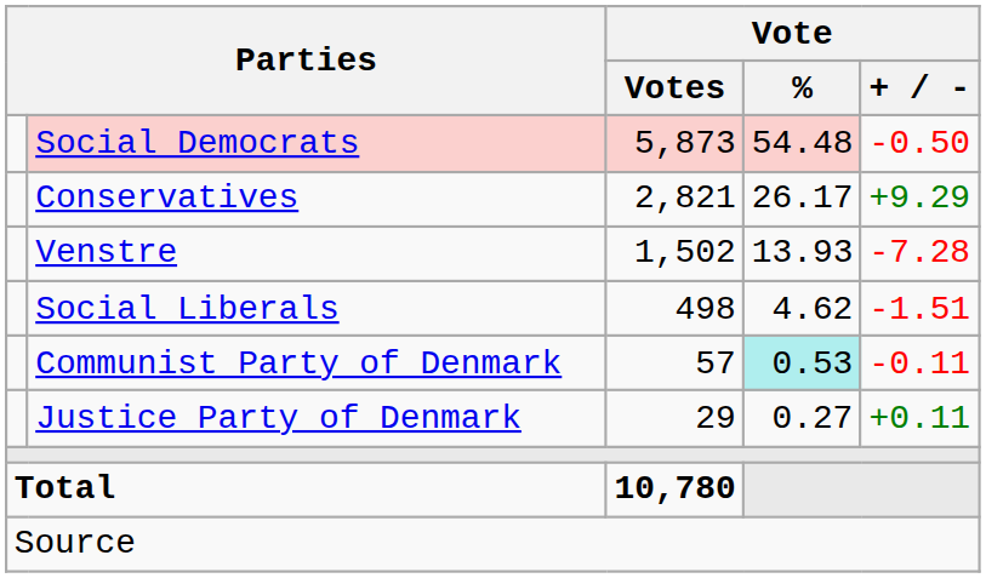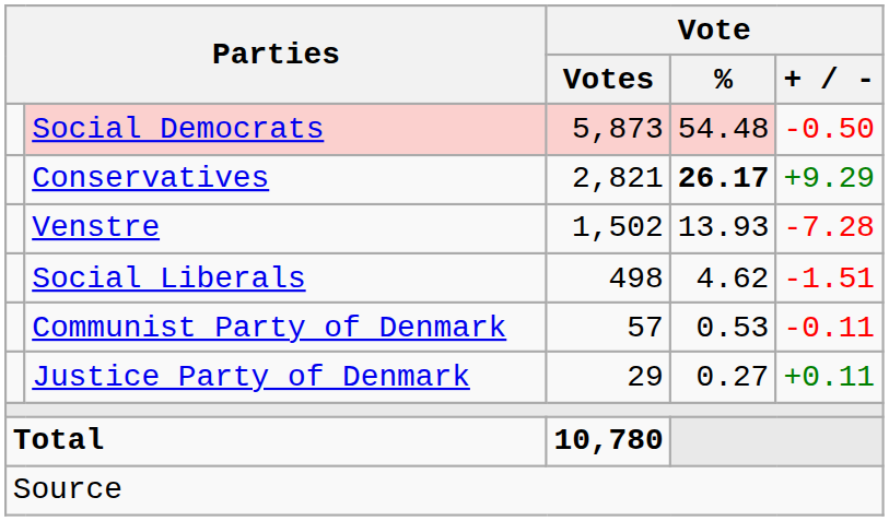 <table class="wikitable" style="text-align:right;">
 <tr>
 <th style="text-align:centre;" rowspan="2" colspan="2" width="225">Parties</th>
 <th colspan="3">Vote</th>
 </tr>
 <tr>
 <th width="15">Votes</th>
 <th width="15">%</th>
 <th width="15">+ / -</th>
 </tr>
 <tr>
 <td width="2" style="color:inherit;background:"></td>
 <td bgcolor=#fbd0ce  align="left"><a href='#'>Social Democrats</a></td>
 <td bgcolor=#fbd0ce>5,873</td>
 <td bgcolor=#fbd0ce>54.48</td>
 <td style=color:red;>-0.50</td>
 </tr>
 <tr>
 <td width="2" style="color:inherit;background:"></td>
 <td align="left"><a href='#'>Conservatives</a></td>
 <td>2,821</td>
-<td>26.17</td>
+<td><strong>26.17</strong></td>
 <td style=color:green;>+9.29</td>
 </tr>
 <tr>
 <td width="2" style="color:inherit;background:"></td>
 <td align="left"><a href='#'>Venstre</a></td>
 <td>1,502</td>
 <td>13.93</td>
 <td style=color:red;>-7.28</td>
 </tr>
 <tr>
 <td width="2" style="color:inherit;background:"></td>
 <td align="left"><a href='#'>Social Liberals</a></td>
 <td>498</td>
 <td>4.62</td>
 <td style=color:red;>-1.51</td>
 </tr>
 <tr>
 <td width="2" style="color:inherit;background:"></td>
 <td align="left"><a href='#'>Communist Party of Denmark</a></td>
 <td>57</td>
-<td style="background: paleturquoise;">0.53</td>
+<td>0.53</td>
 <td style=color:red;>-0.11</td>
 </tr>
 <tr>
 <td width="2" style="color:inherit;background:"></td>
 <td align="left"><a href='#'>Justice Party of Denmark</a></td>
 <td>29</td>
 <td>0.27</td>
 <td style=color:green;>+0.11</td>
 </tr>
 <tr>
 <td colspan="7" bgcolor="#E9E9E9"></td>
 </tr>
 <tr>
 <td align="left" colspan="2"><strong>Total</strong></td>
 <td><strong>10,780</strong></td>
 <td bgcolor="#E9E9E9" colspan="2"></td>
 </tr>
 <tr>
 <td align="left" colspan="6">Source</td>
 </tr>
 </table>
